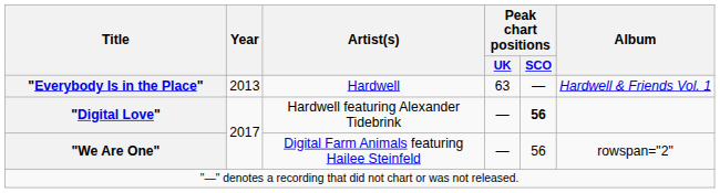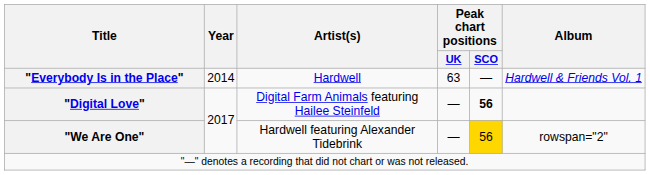 <table class="wikitable plainrowheaders" style="text-align:center;" border="1">
 <tr>
 <th scope="col" rowspan="2" style="width:16em;">Title</th>
 <th scope="col" rowspan="2" style="width:1em;">Year</th>
 <th scope="col" rowspan="2" style="width:16em;">Artist(s)</th>
 <th scope="col" colspan="2">Peak chart positions</th>
 <th scope="col" rowspan="2">Album</th>
 </tr>
 <tr>
 <th scope="col" style="width:2.5em;font-size:90%;"><a href='#'>UK</a><br></th>
 <th scope="col" style="width:2.5em;font-size:90%;"><a href='#'>SCO</a><br></th>
 </tr>
 <tr>
 <th scope="row">"<a href='#'>Everybody Is in the Place</a>"</th>
-<td>2013</td>
+<td>2014</td>
 <td><a href='#'>Hardwell</a></td>
 <td>63</td>
 <td>—</td>
 <td><em><a href='#'>Hardwell & Friends Vol. 1</a></em></td>
 </tr>
 <tr>
 <th scope="row">"<a href='#'>Digital Love</a>"</th>
 <td rowspan="2">2017</td>
-<td>Hardwell featuring Alexander Tidebrink</td>
+<td><a href='#'>Digital Farm Animals</a> featuring <a href='#'>Hailee Steinfeld</a></td>
 <td>—</td>
 <td><strong>56</strong></td>
 </tr>
 <tr>
 <th scope="row">"We Are One"</th>
-<td><a href='#'>Digital Farm Animals</a> featuring <a href='#'>Hailee Steinfeld</a></td>
+<td>Hardwell featuring Alexander Tidebrink</td>
 <td>—</td>
-<td>56</td>
+<td style="background: gold;">56</td>
 <td>rowspan="2" </td>
 </tr>
 <tr>
 <td colspan="6" style="font-size:85%">"—" denotes a recording that did not chart or was not released.</td>
 </tr>
 </table>
